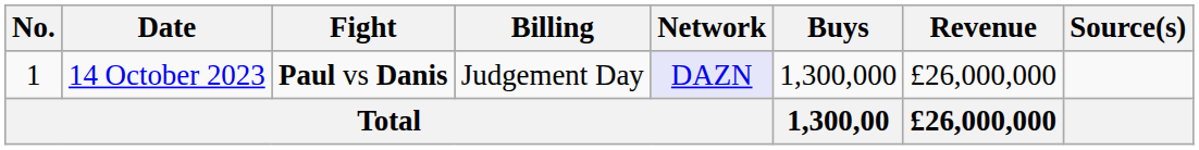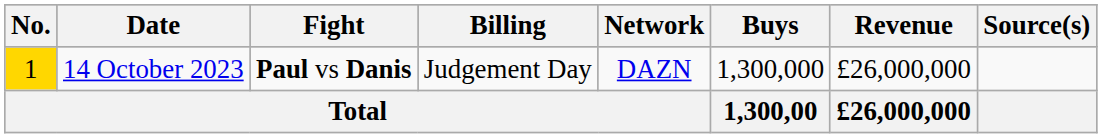 <table class="wikitable sortable">
 <tr>
 <th>No.</th>
 <th>Date</th>
 <th>Fight</th>
 <th>Billing</th>
 <th>Network</th>
 <th>Buys</th>
 <th>Revenue</th>
 <th>Source(s)</th>
 </tr>
 <tr>
-<td align="center">1</td>
+<td align="center" style="background: gold;">1</td>
 <td align="center"><a href='#'>14 October 2023</a></td>
 <td align="center"><strong>Paul</strong> vs <strong>Danis</strong></td>
 <td align="center">Judgement Day</td>
-<td align="center" style="background: lavender;"><a href='#'>DAZN</a></td>
+<td align="center"><a href='#'>DAZN</a></td>
 <td align="center">1,300,000</td>
 <td align="center">£26,000,000</td>
 <td align="center"></td>
 </tr>
 <tr>
 <th colspan="5">Total</th>
 <th>1,300,00</th>
 <th>£26,000,000</th>
 <th></th>
 </tr>
 </table>
